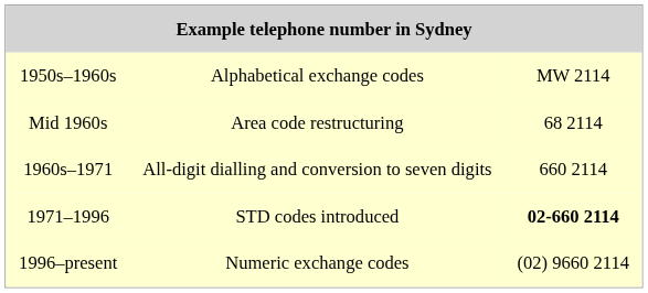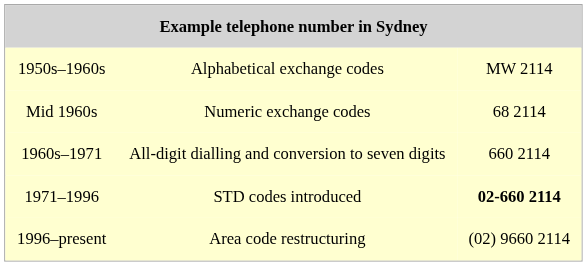 <table cellspacing=0 cellpadding=10 align="right" style="font-size:90%;margin-left:10px;border: 1px solid darkgray;">
 <tr>
 <th colspan="4" bgcolor=lightgray align="center">Example telephone number in Sydney</th>
 </tr>
 <tr>
 <td bgcolor=#ffffd0 align="center">1950s–1960s</td>
 <td bgcolor=#ffffd0 align="center">Alphabetical exchange codes</td>
 <td bgcolor=#ffffd0 align="center">MW 2114</td>
 </tr>
 <tr>
 <td bgcolor=#ffffd0 align="center">Mid 1960s</td>
-<td bgcolor=#ffffd0 align="center">Area code restructuring</td>
+<td bgcolor=#ffffd0 align="center">Numeric exchange codes</td>
 <td bgcolor=#ffffd0 align="center">68 2114</td>
 </tr>
 <tr>
 <td bgcolor=#ffffd0 align="center">1960s–1971</td>
 <td bgcolor=#ffffd0 align="center">All-digit dialling and conversion to seven digits</td>
 <td bgcolor=#ffffd0 align="center">660 2114</td>
 </tr>
 <tr>
 <td bgcolor=#ffffd0 align="center">1971–1996</td>
 <td bgcolor=#ffffd0 align="center">STD codes introduced</td>
 <td bgcolor=#ffffd0 align="center"><strong>02-660 2114</strong></td>
 </tr>
 <tr>
 <td bgcolor=#ffffd0 align="center">1996–present</td>
-<td bgcolor=#ffffd0 align="center">Numeric exchange codes</td>
+<td bgcolor=#ffffd0 align="center">Area code restructuring</td>
 <td bgcolor=#ffffd0 align="center">(02) 9660 2114</td>
 </tr>
 </table>
